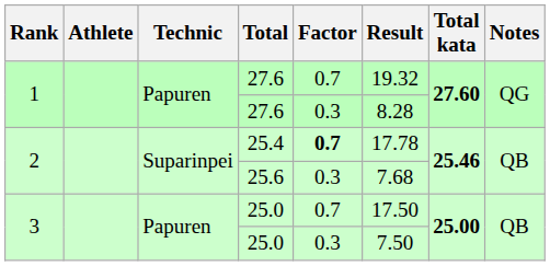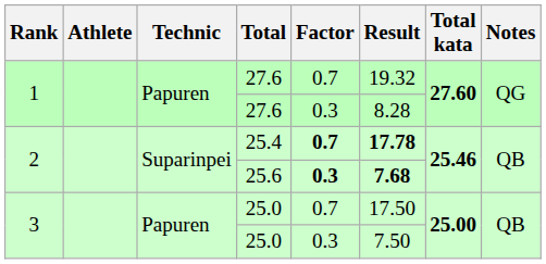 <table class="wikitable" style="text-align:center">
 <tr>
 <th>Rank</th>
 <th>Athlete</th>
 <th>Technic</th>
 <th>Total</th>
 <th>Factor</th>
 <th>Result</th>
 <th>Total<br>kata</th>
 <th>Notes</th>
 </tr>
 <tr bgcolor=bbffbb>
 <td rowspan=2>1</td>
 <td rowspan=2 align=left></td>
 <td rowspan=2 align=left>Papuren</td>
 <td>27.6</td>
 <td>0.7</td>
 <td>19.32</td>
 <td rowspan=2><strong>27.60</strong></td>
 <td rowspan=2>QG</td>
 </tr>
 <tr bgcolor=bbffbb>
 <td>27.6</td>
 <td>0.3</td>
 <td>8.28</td>
 </tr>
 <tr bgcolor=ccffcc>
 <td rowspan=2>2</td>
 <td rowspan=2 align=left></td>
 <td rowspan=2 align=left>Suparinpei</td>
 <td>25.4</td>
 <td><strong>0.7</strong></td>
-<td>17.78</td>
+<td><strong>17.78</strong></td>
 <td rowspan=2><strong>25.46</strong></td>
 <td rowspan=2>QB</td>
 </tr>
 <tr bgcolor=ccffcc>
 <td>25.6</td>
-<td>0.3</td>
-<td>7.68</td>
+<td><strong>0.3</strong></td>
+<td><strong>7.68</strong></td>
 </tr>
 <tr bgcolor=ccffcc>
 <td rowspan=2>3</td>
 <td rowspan=2 align=left></td>
 <td rowspan=2 align=left>Papuren</td>
 <td>25.0</td>
 <td>0.7</td>
 <td>17.50</td>
 <td rowspan=2><strong>25.00</strong></td>
 <td rowspan=2>QB</td>
 </tr>
 <tr bgcolor=ccffcc>
 <td>25.0</td>
 <td>0.3</td>
 <td>7.50</td>
 </tr>
 </table>
